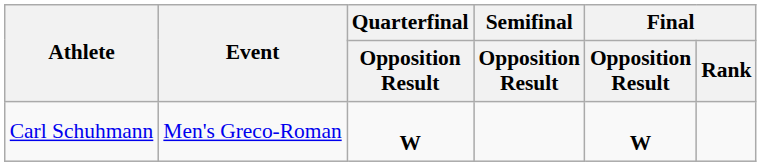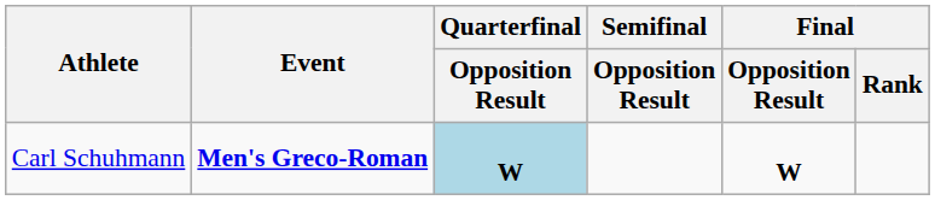 <table class=wikitable style="font-size:90%; text-align:center">
 <tr>
 <th rowspan=2>Athlete</th>
 <th rowspan=2>Event</th>
 <th>Quarterfinal</th>
 <th>Semifinal</th>
 <th colspan=2>Final</th>
 </tr>
 <tr>
 <th>Opposition<br>Result</th>
 <th>Opposition<br>Result</th>
 <th>Opposition<br>Result</th>
 <th>Rank</th>
 </tr>
 <tr>
 <td align=left><a href='#'>Carl Schuhmann</a></td>
-<td align=left><a href='#'>Men's Greco-Roman</a></td>
-<td><br><strong>W</strong></td>
+<td align=left><strong><a href='#'>Men's Greco-Roman</a></strong></td>
+<td style="background: lightblue;"><br><strong>W</strong></td>
 <td></td>
 <td><br><strong>W</strong></td>
 <td></td>
 </tr>
 </table>
